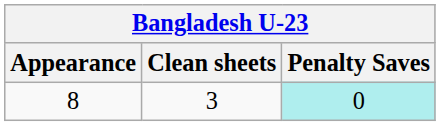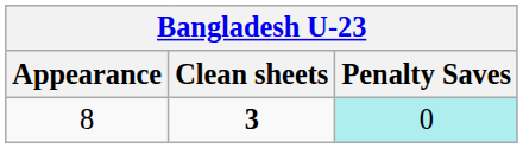 <table class="wikitable" style="text-align:center">
 <tr>
 <th colspan=3><a href='#'>Bangladesh U-23</a></th>
 </tr>
 <tr>
 <th>Appearance</th>
 <th>Clean sheets</th>
 <th>Penalty Saves</th>
 </tr>
 <tr>
 <td>8</td>
-<td>3</td>
+<td><strong>3</strong></td>
 <td style="background: paleturquoise;">0</td>
 </tr>
 </table>
